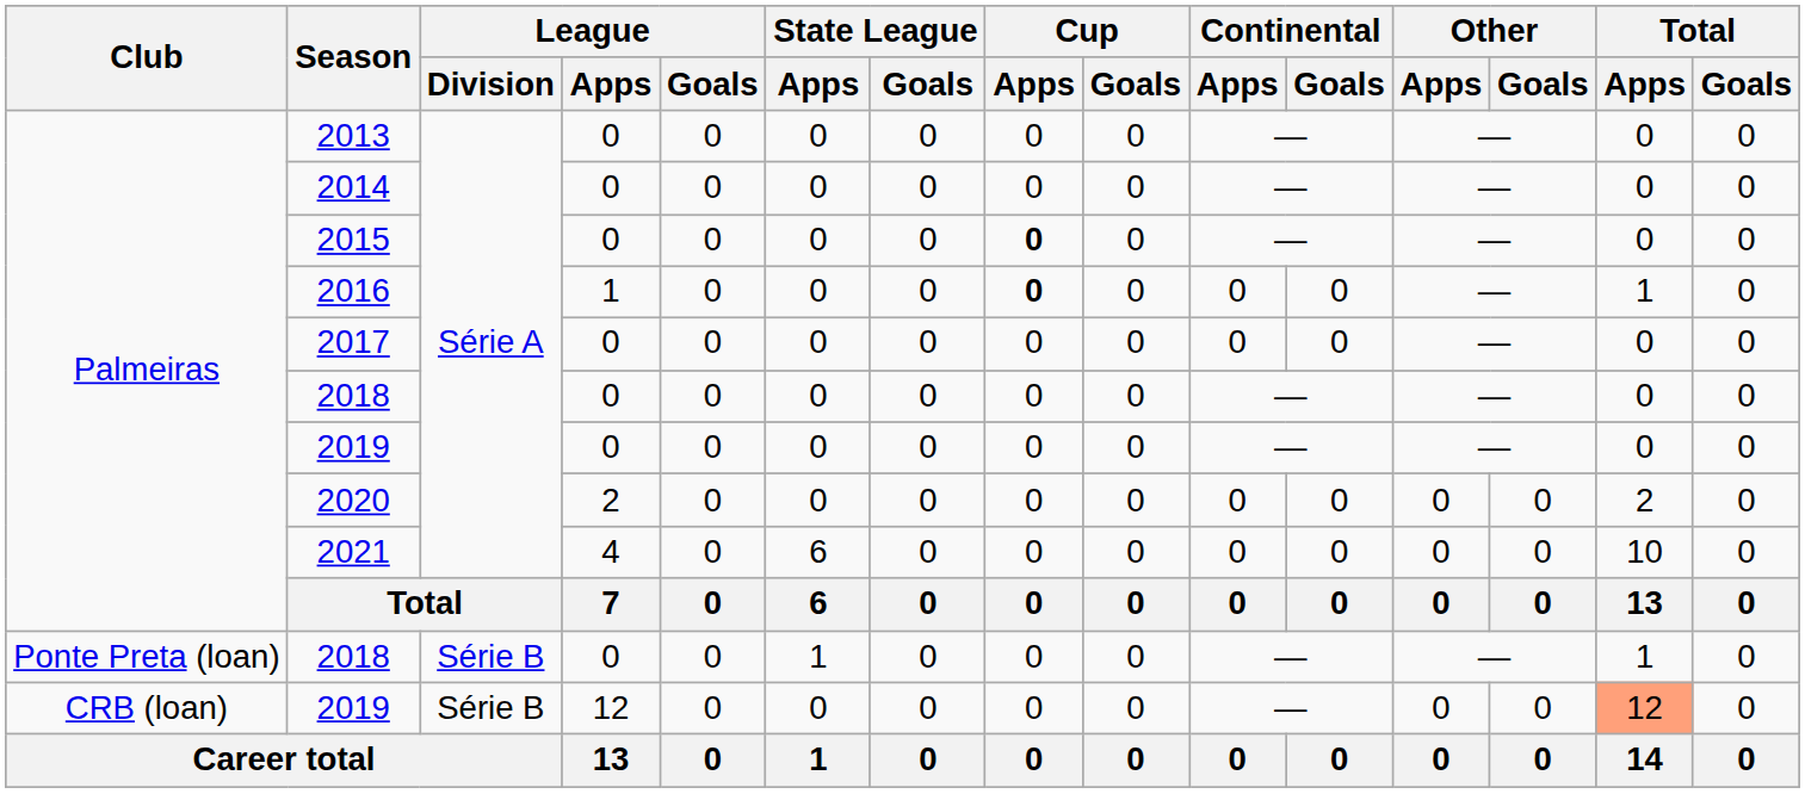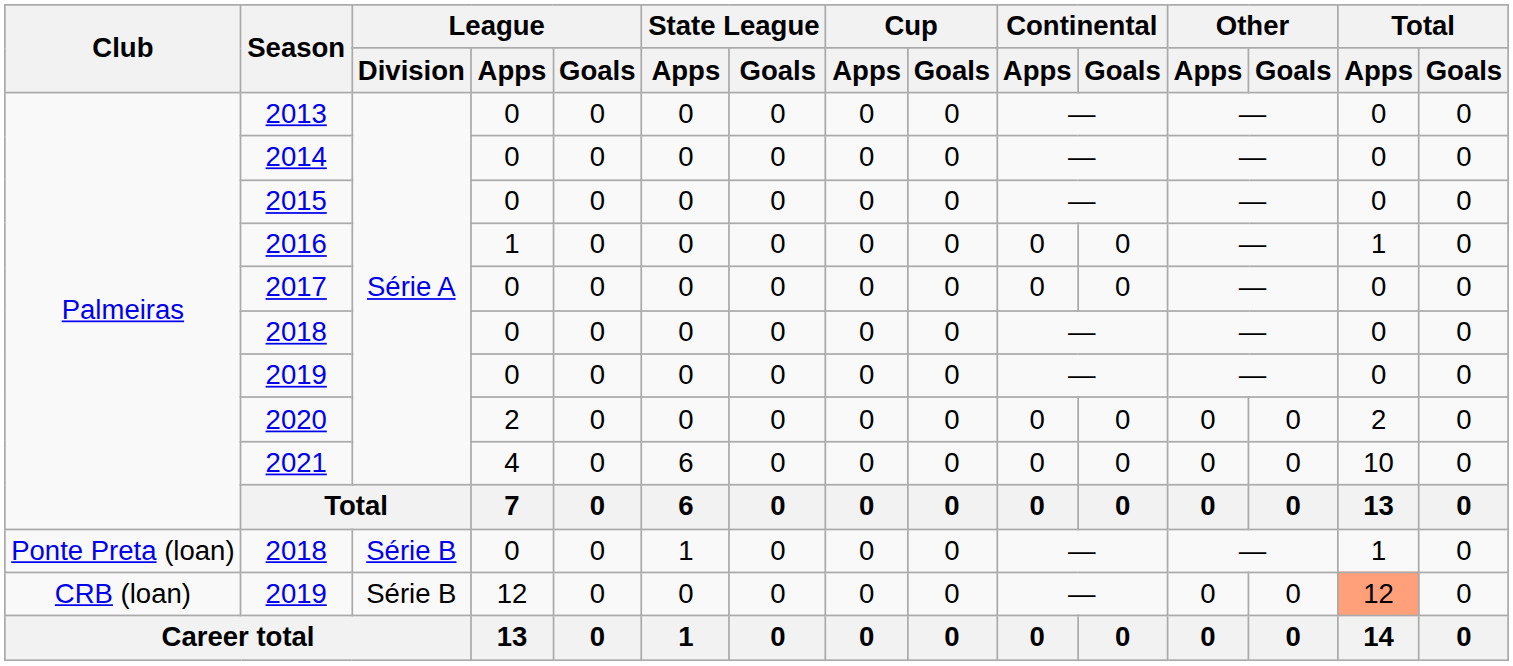 <table class="wikitable" style="text-align: center">
 <tr>
 <th rowspan="2">Club</th>
 <th rowspan="2">Season</th>
 <th colspan="3">League</th>
 <th colspan="2">State League</th>
 <th colspan="2">Cup</th>
 <th colspan="2">Continental</th>
 <th colspan="2">Other</th>
 <th colspan="2">Total</th>
 </tr>
 <tr>
 <th>Division</th>
 <th>Apps</th>
 <th>Goals</th>
 <th>Apps</th>
 <th>Goals</th>
 <th>Apps</th>
 <th>Goals</th>
 <th>Apps</th>
 <th>Goals</th>
 <th>Apps</th>
 <th>Goals</th>
 <th>Apps</th>
 <th>Goals</th>
 </tr>
 <tr>
 <td rowspan="10"><a href='#'>Palmeiras</a></td>
 <td><a href='#'>2013</a></td>
 <td rowspan="9"><a href='#'>Série A</a></td>
 <td>0</td>
 <td>0</td>
 <td>0</td>
 <td>0</td>
 <td>0</td>
 <td>0</td>
 <td colspan="2">—</td>
 <td colspan="2">—</td>
 <td>0</td>
 <td>0</td>
 </tr>
 <tr>
 <td><a href='#'>2014</a></td>
 <td>0</td>
 <td>0</td>
 <td>0</td>
 <td>0</td>
 <td>0</td>
 <td>0</td>
 <td colspan="2">—</td>
 <td colspan="2">—</td>
 <td>0</td>
 <td>0</td>
 </tr>
 <tr>
 <td><a href='#'>2015</a></td>
 <td>0</td>
 <td>0</td>
 <td>0</td>
 <td>0</td>
-<td><strong>0</strong></td>
+<td>0</td>
 <td>0</td>
 <td colspan="2">—</td>
 <td colspan="2">—</td>
 <td>0</td>
 <td>0</td>
 </tr>
 <tr>
 <td><a href='#'>2016</a></td>
 <td>1</td>
 <td>0</td>
 <td>0</td>
 <td>0</td>
-<td><strong>0</strong></td>
+<td>0</td>
 <td>0</td>
 <td>0</td>
 <td>0</td>
 <td colspan="2">—</td>
 <td>1</td>
 <td>0</td>
 </tr>
 <tr>
 <td><a href='#'>2017</a></td>
 <td>0</td>
 <td>0</td>
 <td>0</td>
 <td>0</td>
 <td>0</td>
 <td>0</td>
 <td>0</td>
 <td>0</td>
 <td colspan="2">—</td>
 <td>0</td>
 <td>0</td>
 </tr>
 <tr>
 <td><a href='#'>2018</a></td>
 <td>0</td>
 <td>0</td>
 <td>0</td>
 <td>0</td>
 <td>0</td>
 <td>0</td>
 <td colspan="2">—</td>
 <td colspan="2">—</td>
 <td>0</td>
 <td>0</td>
 </tr>
 <tr>
 <td><a href='#'>2019</a></td>
 <td>0</td>
 <td>0</td>
 <td>0</td>
 <td>0</td>
 <td>0</td>
 <td>0</td>
 <td colspan="2">—</td>
 <td colspan="2">—</td>
 <td>0</td>
 <td>0</td>
 </tr>
 <tr>
 <td><a href='#'>2020</a></td>
 <td>2</td>
 <td>0</td>
 <td>0</td>
 <td>0</td>
 <td>0</td>
 <td>0</td>
 <td>0</td>
 <td>0</td>
 <td>0</td>
 <td>0</td>
 <td>2</td>
 <td>0</td>
 </tr>
 <tr>
 <td><a href='#'>2021</a></td>
 <td>4</td>
 <td>0</td>
 <td>6</td>
 <td>0</td>
 <td>0</td>
 <td>0</td>
 <td>0</td>
 <td>0</td>
 <td>0</td>
 <td>0</td>
 <td>10</td>
 <td>0</td>
 </tr>
 <tr>
 <th colspan="2">Total</th>
 <th>7</th>
 <th>0</th>
 <th>6</th>
 <th>0</th>
 <th>0</th>
 <th>0</th>
 <th>0</th>
 <th>0</th>
 <th>0</th>
 <th>0</th>
 <th>13</th>
 <th>0</th>
 </tr>
 <tr>
 <td><a href='#'>Ponte Preta</a> (loan)</td>
 <td><a href='#'>2018</a></td>
 <td><a href='#'>Série B</a></td>
 <td>0</td>
 <td>0</td>
 <td>1</td>
 <td>0</td>
 <td>0</td>
 <td>0</td>
 <td colspan="2">—</td>
 <td colspan="2">—</td>
 <td>1</td>
 <td>0</td>
 </tr>
 <tr>
 <td><a href='#'>CRB</a> (loan)</td>
 <td><a href='#'>2019</a></td>
 <td>Série B</td>
 <td>12</td>
 <td>0</td>
 <td>0</td>
 <td>0</td>
 <td>0</td>
 <td>0</td>
 <td colspan="2">—</td>
 <td>0</td>
 <td>0</td>
 <td style="background: lightsalmon;">12</td>
 <td>0</td>
 </tr>
 <tr>
 <th colspan="3"><strong>Career total</strong></th>
 <th>13</th>
 <th>0</th>
 <th>1</th>
 <th>0</th>
 <th>0</th>
 <th>0</th>
 <th>0</th>
 <th>0</th>
 <th>0</th>
 <th>0</th>
 <th>14</th>
 <th>0</th>
 </tr>
 </table>
